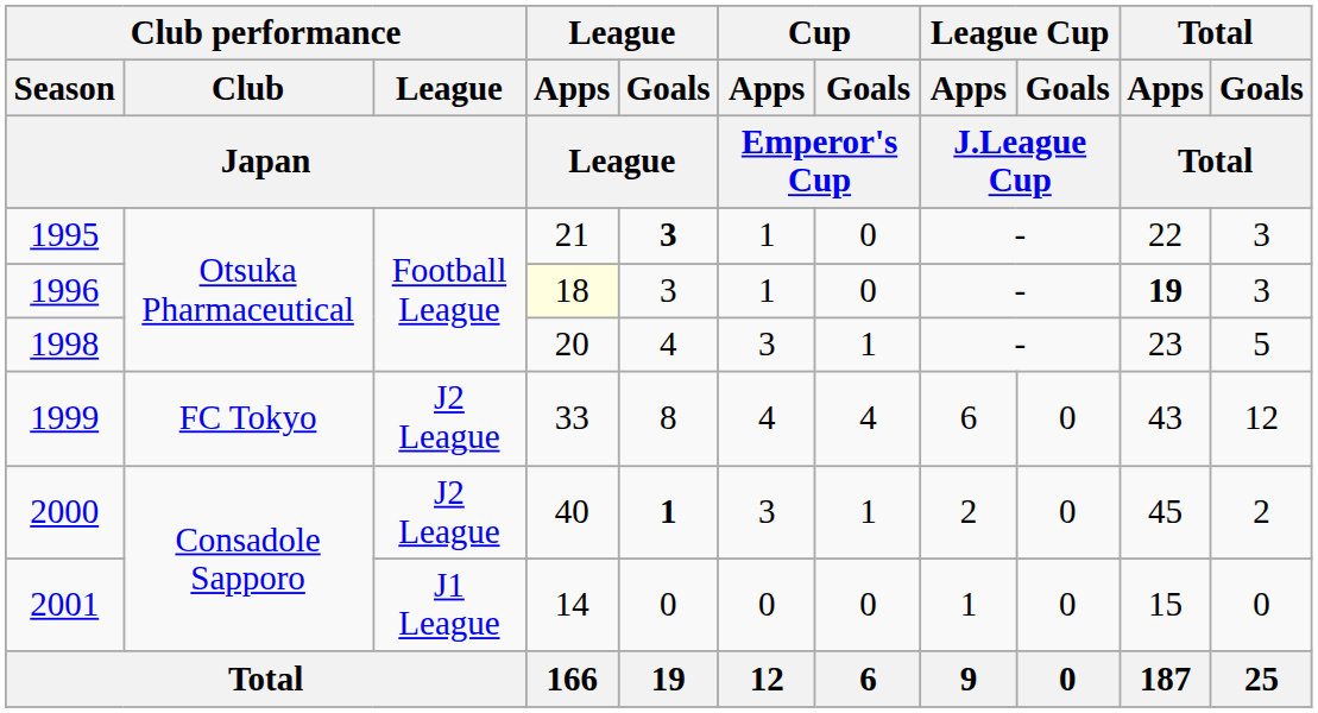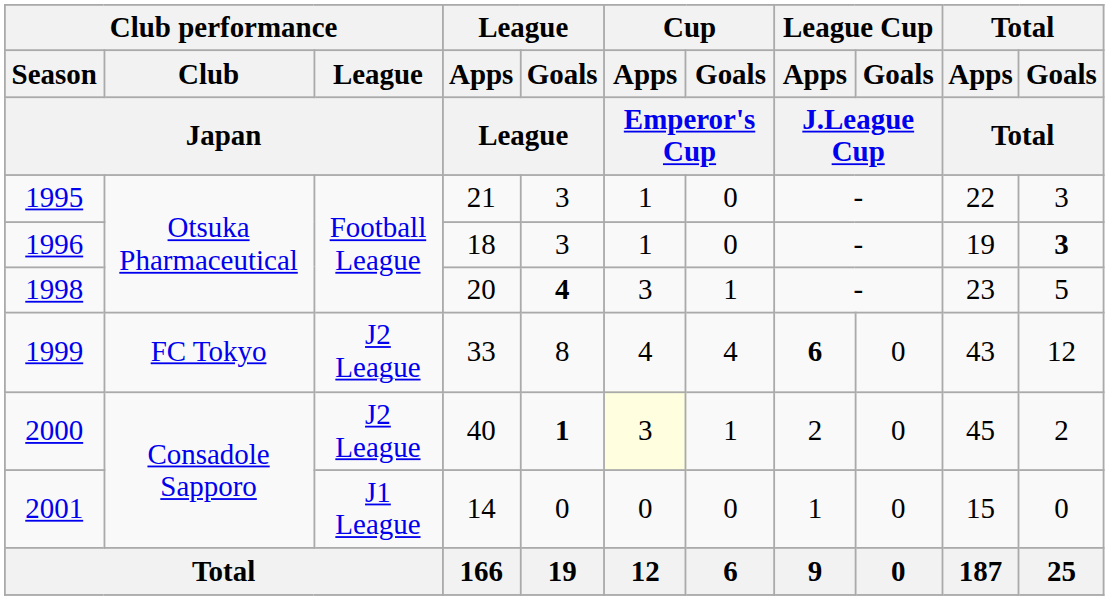 <table class="wikitable" style="text-align:center;">
 <tr>
 <th colspan=3>Club performance</th>
 <th colspan=2>League</th>
 <th colspan=2>Cup</th>
 <th colspan=2>League Cup</th>
 <th colspan=2>Total</th>
 </tr>
 <tr>
 <th>Season</th>
 <th>Club</th>
 <th>League</th>
 <th>Apps</th>
 <th>Goals</th>
 <th>Apps</th>
 <th>Goals</th>
 <th>Apps</th>
 <th>Goals</th>
 <th>Apps</th>
 <th>Goals</th>
 </tr>
 <tr>
 <th colspan=3>Japan</th>
 <th colspan=2>League</th>
 <th colspan=2><a href='#'>Emperor's Cup</a></th>
 <th colspan=2><a href='#'>J.League Cup</a></th>
 <th colspan=2>Total</th>
 </tr>
 <tr>
 <td><a href='#'>1995</a></td>
 <td rowspan="3"><a href='#'>Otsuka Pharmaceutical</a></td>
 <td rowspan="3"><a href='#'>Football League</a></td>
 <td>21</td>
-<td><strong>3</strong></td>
+<td>3</td>
 <td>1</td>
 <td>0</td>
 <td colspan="2">-</td>
 <td>22</td>
 <td>3</td>
 </tr>
 <tr>
 <td><a href='#'>1996</a></td>
-<td style="background: lightyellow;">18</td>
+<td>18</td>
 <td>3</td>
 <td>1</td>
 <td>0</td>
 <td colspan="2">-</td>
-<td><strong>19</strong></td>
-<td>3</td>
+<td>19</td>
+<td><strong>3</strong></td>
 </tr>
 <tr>
 <td><a href='#'>1998</a></td>
 <td>20</td>
-<td>4</td>
+<td><strong>4</strong></td>
 <td>3</td>
 <td>1</td>
 <td colspan="2">-</td>
 <td>23</td>
 <td>5</td>
 </tr>
 <tr>
 <td><a href='#'>1999</a></td>
 <td><a href='#'>FC Tokyo</a></td>
 <td><a href='#'>J2 League</a></td>
 <td>33</td>
 <td>8</td>
 <td>4</td>
 <td>4</td>
-<td>6</td>
+<td><strong>6</strong></td>
 <td>0</td>
 <td>43</td>
 <td>12</td>
 </tr>
 <tr>
 <td><a href='#'>2000</a></td>
 <td rowspan="2"><a href='#'>Consadole Sapporo</a></td>
 <td><a href='#'>J2 League</a></td>
 <td>40</td>
 <td><strong>1</strong></td>
-<td>3</td>
+<td style="background: lightyellow;">3</td>
 <td>1</td>
 <td>2</td>
 <td>0</td>
 <td>45</td>
 <td>2</td>
 </tr>
 <tr>
 <td><a href='#'>2001</a></td>
 <td><a href='#'>J1 League</a></td>
 <td>14</td>
 <td>0</td>
 <td>0</td>
 <td>0</td>
 <td>1</td>
 <td>0</td>
 <td>15</td>
 <td>0</td>
 </tr>
 <tr>
 <th colspan=3>Total</th>
 <th>166</th>
 <th>19</th>
 <th>12</th>
 <th>6</th>
 <th>9</th>
 <th>0</th>
 <th>187</th>
 <th>25</th>
 </tr>
 </table>
